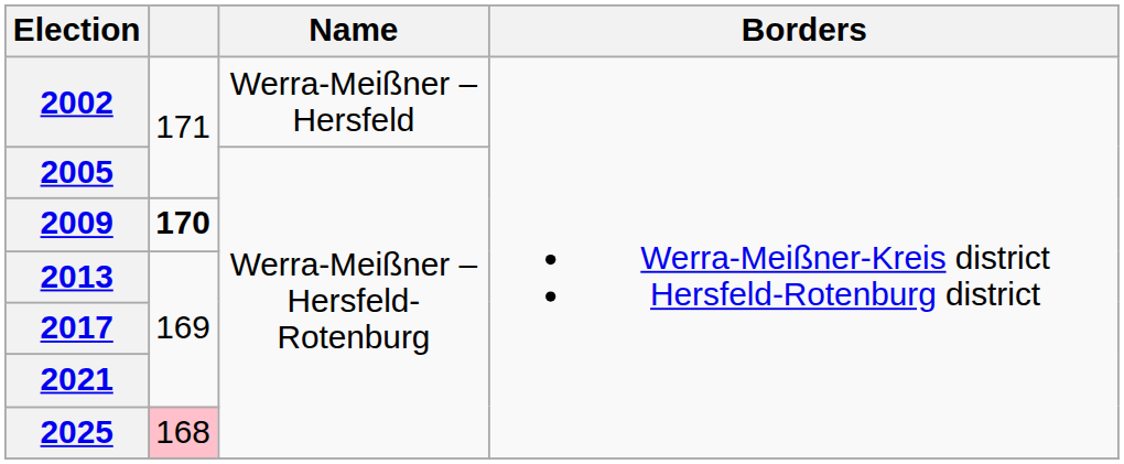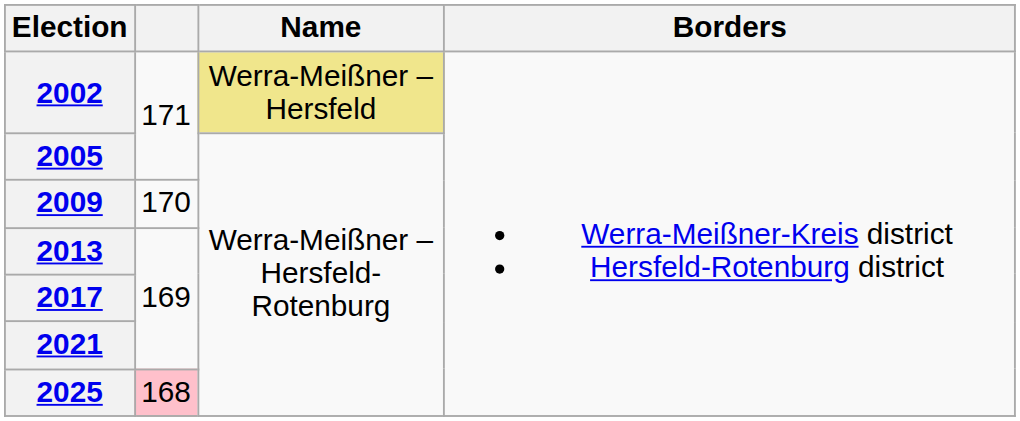 <table class=wikitable style="text-align:center">
 <tr>
 <th>Election</th>
 <th></th>
 <th width=125px>Name</th>
 <th width=300px>Borders</th>
 </tr>
 <tr>
 <th><a href='#'>2002</a></th>
 <td rowspan=2>171</td>
-<td>Werra-Meißner – Hersfeld</td>
+<td style="background: khaki;">Werra-Meißner – Hersfeld</td>
 <td rowspan=7><br><ul><li><a href='#'>Werra-Meißner-Kreis</a> district</li><li><a href='#'>Hersfeld-Rotenburg</a> district</li></ul></td>
 </tr>
 <tr>
 <th><a href='#'>2005</a></th>
 <td rowspan=6>Werra-Meißner – Hersfeld-Rotenburg</td>
 </tr>
 <tr>
 <th><a href='#'>2009</a></th>
-<td><strong>170</strong></td>
+<td>170</td>
 </tr>
 <tr>
 <th><a href='#'>2013</a></th>
 <td rowspan=3>169</td>
 </tr>
 <tr>
 <th><a href='#'>2017</a></th>
 </tr>
 <tr>
 <th><a href='#'>2021</a></th>
 </tr>
 <tr>
 <th><a href='#'>2025</a></th>
 <td style="background: pink;">168</td>
 </tr>
 </table>
